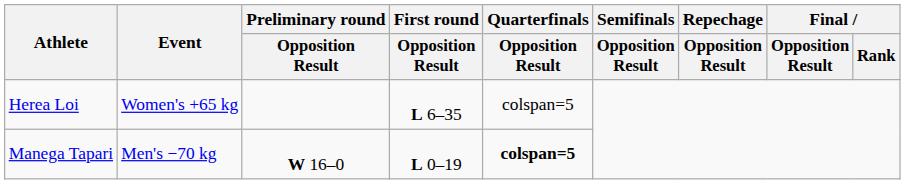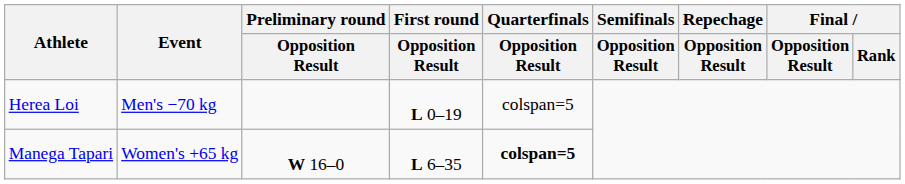 <table class="wikitable" style="font-size:90%;">
 <tr>
 <th rowspan="2">Athlete</th>
 <th rowspan="2">Event</th>
 <th>Preliminary round</th>
 <th>First round</th>
 <th>Quarterfinals</th>
 <th>Semifinals</th>
 <th>Repechage</th>
 <th colspan="2">Final / </th>
 </tr>
 <tr style="font-size:95%">
 <th>Opposition<br>Result</th>
 <th>Opposition<br>Result</th>
 <th>Opposition<br>Result</th>
 <th>Opposition<br>Result</th>
 <th>Opposition<br>Result</th>
 <th>Opposition<br>Result</th>
 <th>Rank</th>
 </tr>
 <tr align=center>
 <td align=left><a href='#'>Herea Loi</a></td>
-<td align=left><a href='#'>Women's +65 kg</a></td>
+<td align=left><a href='#'>Men's −70 kg</a></td>
 <td></td>
-<td><br><strong>L</strong> 6–35</td>
+<td><br><strong>L</strong> 0–19</td>
 <td>colspan=5 </td>
 </tr>
 <tr align=center>
 <td align=left><a href='#'>Manega Tapari</a></td>
-<td align=left><a href='#'>Men's −70 kg</a></td>
+<td align=left><a href='#'>Women's +65 kg</a></td>
 <td><br><strong>W</strong> 16–0</td>
-<td><br><strong>L</strong> 0–19</td>
+<td><br><strong>L</strong> 6–35</td>
 <td><strong>colspan=5 </strong></td>
 </tr>
 </table>
